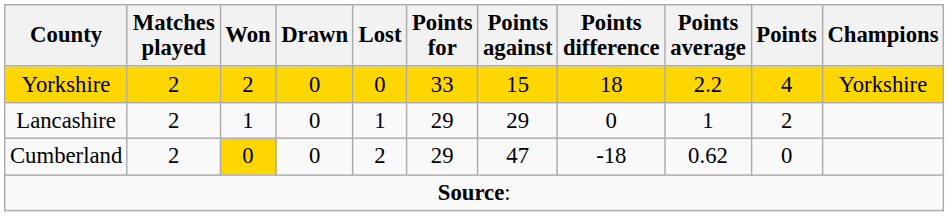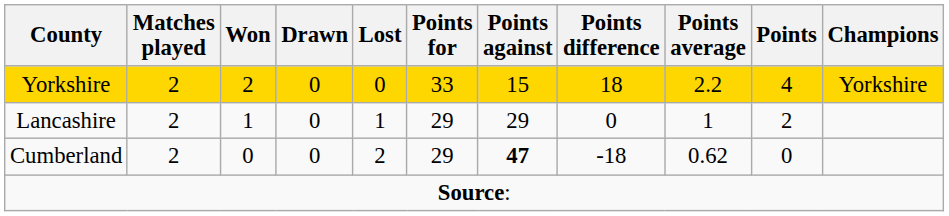 <table class="wikitable plainrowheaders" style="text-align: center; width: 60%">
 <tr>
 <th scope="col" style="width: 5%;">County</th>
 <th scope="col" style="width: 5%;">Matches played</th>
 <th scope="col" style="width: 5%;">Won</th>
 <th scope="col" style="width: 5%;">Drawn</th>
 <th scope="col" style="width: 5%;">Lost</th>
 <th scope="col" style="width: 5%;">Points for</th>
 <th scope="col" style="width: 5%;">Points against</th>
 <th scope="col" style="width: 5%;">Points difference</th>
 <th scope="col" style="width: 5%;">Points average</th>
 <th scope="col" style="width: 5%;">Points</th>
 <th scope="col" style="width: 15%;">Champions</th>
 </tr>
 <tr style="background: gold;">
 <td>Yorkshire</td>
 <td>2</td>
 <td>2</td>
 <td>0</td>
 <td>0</td>
 <td>33</td>
 <td>15</td>
 <td>18</td>
 <td>2.2</td>
 <td>4</td>
 <td>Yorkshire</td>
 </tr>
 <tr>
 <td>Lancashire</td>
 <td>2</td>
 <td>1</td>
 <td>0</td>
 <td>1</td>
 <td>29</td>
 <td>29</td>
 <td>0</td>
 <td>1</td>
 <td>2</td>
 <td></td>
 </tr>
 <tr>
 <td>Cumberland</td>
 <td>2</td>
-<td style="background: gold;">0</td>
+<td>0</td>
 <td>0</td>
 <td>2</td>
 <td>29</td>
-<td>47</td>
+<td><strong>47</strong></td>
 <td>-18</td>
 <td>0.62</td>
 <td>0</td>
 <td></td>
 </tr>
 <tr>
 <td colspan="11"><strong>Source</strong>:</td>
 </tr>
 </table>
